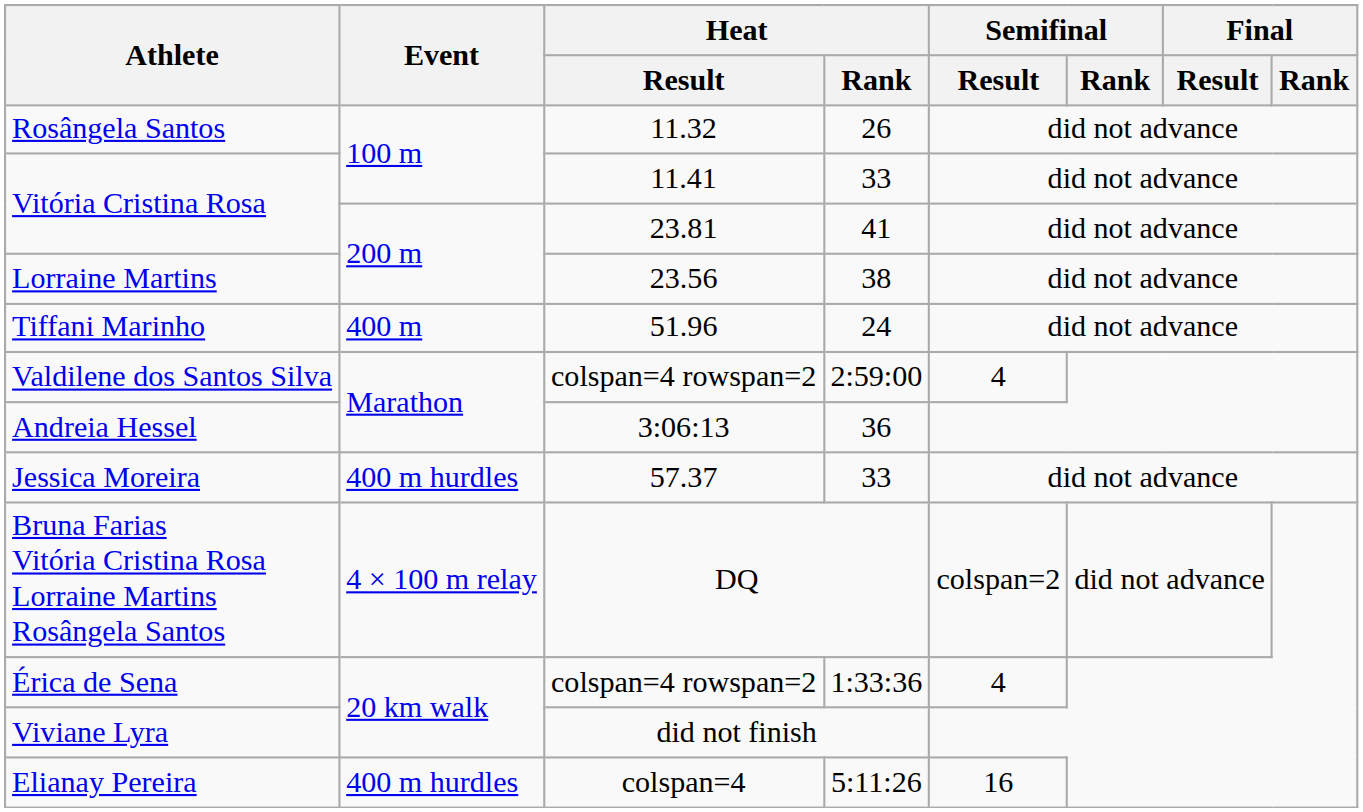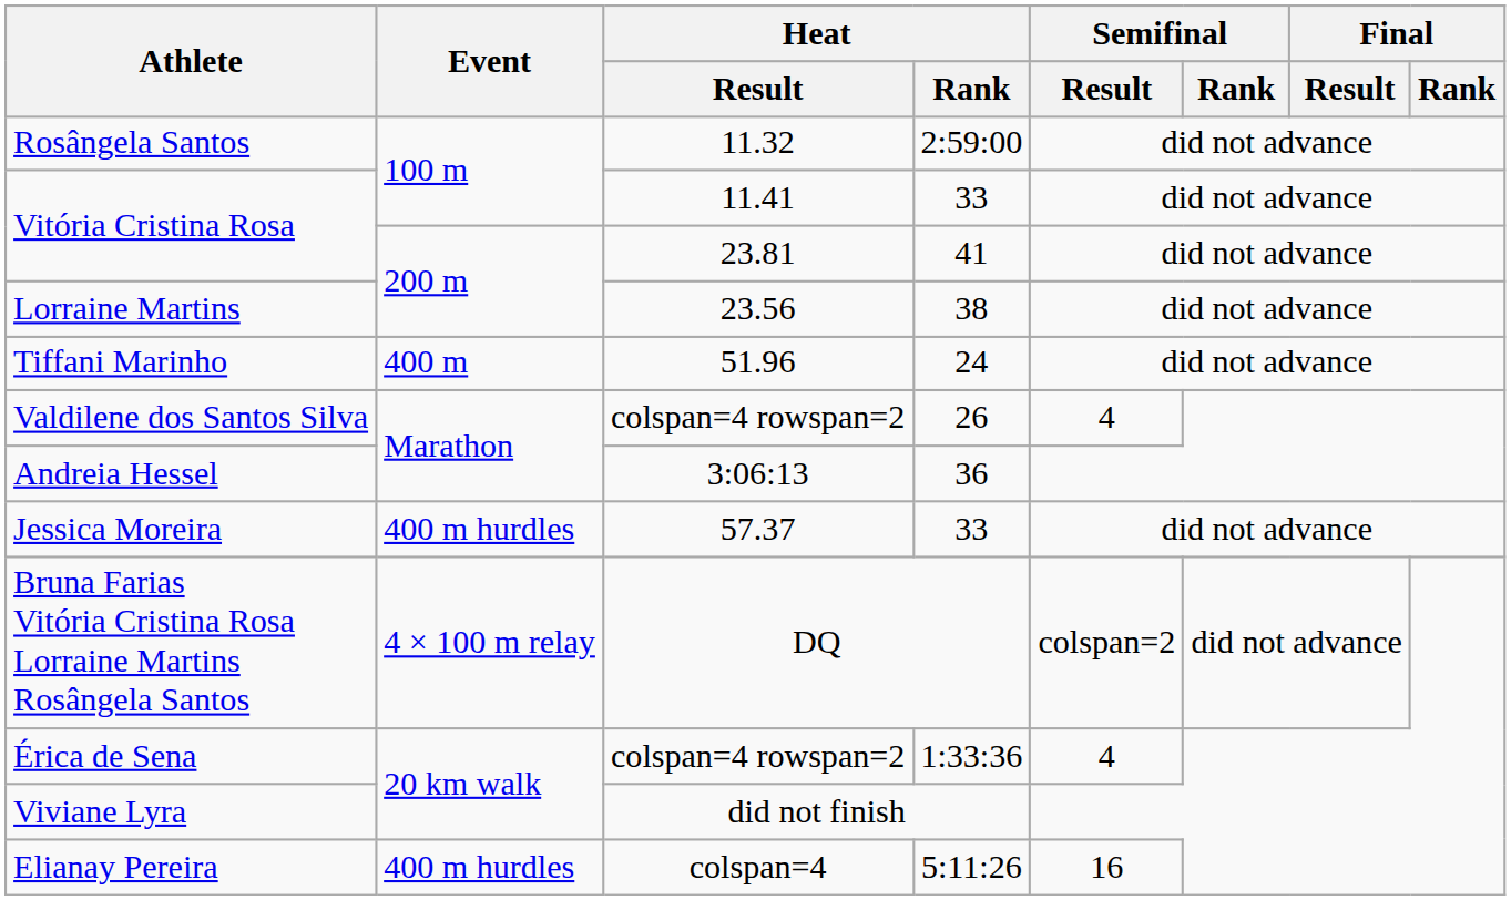 <table class="wikitable"  style=font-size:90%>
 <tr>
 <th rowspan="2">Athlete</th>
 <th rowspan="2">Event</th>
 <th colspan="2">Heat</th>
 <th colspan="2">Semifinal</th>
 <th colspan="2">Final</th>
 </tr>
 <tr>
 <th>Result</th>
 <th>Rank</th>
 <th>Result</th>
 <th>Rank</th>
 <th>Result</th>
 <th>Rank</th>
 </tr>
 <tr style=text-align:center>
 <td style=text-align:left><a href='#'>Rosângela Santos</a></td>
 <td style=text-align:left rowspan=2><a href='#'>100 m</a></td>
 <td>11.32</td>
-<td>26</td>
+<td>2:59:00</td>
 <td colspan=4>did not advance</td>
 </tr>
 <tr style=text-align:center>
 <td style=text-align:left rowspan=2><a href='#'>Vitória Cristina Rosa</a></td>
 <td>11.41</td>
 <td>33</td>
 <td colspan=4>did not advance</td>
 </tr>
 <tr style=text-align:center>
 <td style=text-align:left rowspan=2><a href='#'>200 m</a></td>
 <td>23.81</td>
 <td>41</td>
 <td colspan=4>did not advance</td>
 </tr>
 <tr style=text-align:center>
 <td style=text-align:left><a href='#'>Lorraine Martins</a></td>
 <td>23.56</td>
 <td>38</td>
 <td colspan=4>did not advance</td>
 </tr>
 <tr style=text-align:center>
 <td style=text-align:left><a href='#'>Tiffani Marinho</a></td>
 <td style=text-align:left><a href='#'>400 m</a></td>
 <td>51.96</td>
 <td>24</td>
 <td colspan=4>did not advance</td>
 </tr>
 <tr style=text-align:center>
 <td style=text-align:left><a href='#'>Valdilene dos Santos Silva</a></td>
 <td style=text-align:left rowspan=2><a href='#'>Marathon</a></td>
 <td>colspan=4 rowspan=2</td>
-<td>2:59:00</td>
+<td>26</td>
 <td>4</td>
 </tr>
 <tr style=text-align:center>
 <td style=text-align:left><a href='#'>Andreia Hessel</a></td>
 <td>3:06:13</td>
 <td>36</td>
 </tr>
 <tr style=text-align:center>
 <td style=text-align:left><a href='#'>Jessica Moreira</a></td>
 <td style=text-align:left><a href='#'>400 m hurdles</a></td>
 <td>57.37</td>
 <td>33</td>
 <td colspan=4>did not advance</td>
 </tr>
 <tr style=text-align:center>
 <td style=text-align:left><a href='#'>Bruna Farias</a><br> <a href='#'>Vitória Cristina Rosa</a><br> <a href='#'>Lorraine Martins</a><br> <a href='#'>Rosângela Santos</a></td>
 <td style=text-align:left><a href='#'>4 × 100 m relay</a></td>
 <td colspan=2>DQ</td>
 <td>colspan=2 </td>
 <td colspan=2>did not advance</td>
 </tr>
 <tr style=text-align:center>
 <td style=text-align:left><a href='#'>Érica de Sena</a></td>
 <td style=text-align:left rowspan=2><a href='#'>20 km walk</a></td>
 <td>colspan=4 rowspan=2</td>
 <td>1:33:36</td>
 <td>4</td>
 </tr>
 <tr style=text-align:center>
 <td style=text-align:left><a href='#'>Viviane Lyra</a></td>
 <td colspan=2>did not finish</td>
 </tr>
 <tr style=text-align:center>
 <td style=text-align:left><a href='#'>Elianay Pereira</a></td>
 <td style=text-align:left><a href='#'>400 m hurdles</a></td>
 <td>colspan=4 </td>
 <td>5:11:26</td>
 <td>16</td>
 </tr>
 </table>
